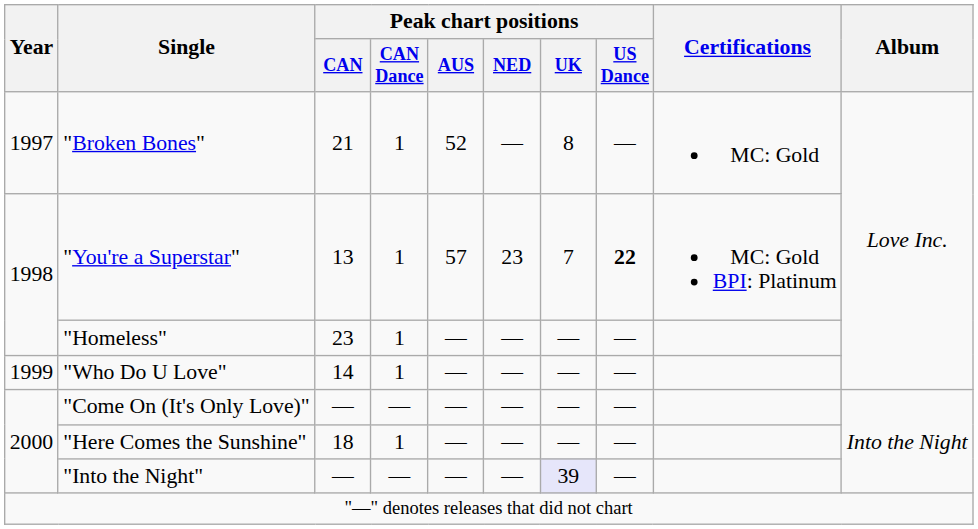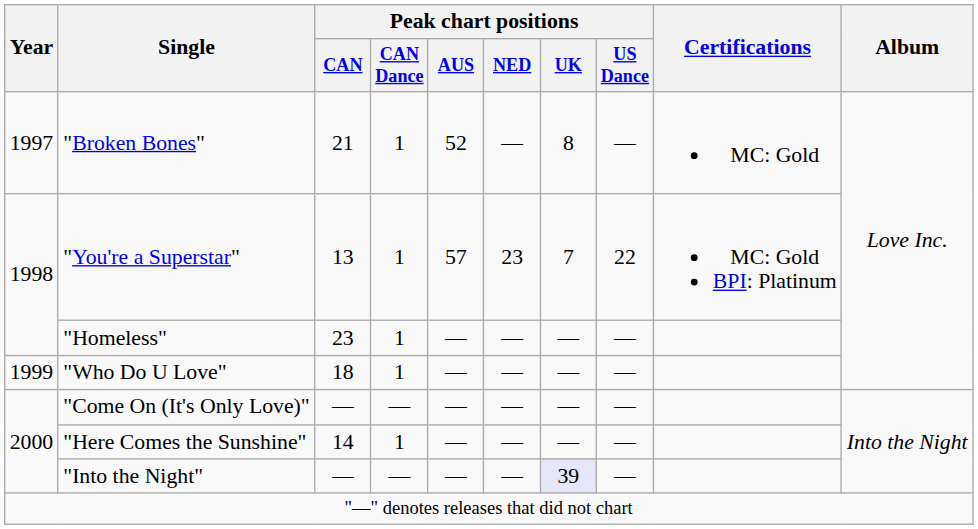 <table class="wikitable" style="text-align:center;">
 <tr>
 <th rowspan="2">Year</th>
 <th rowspan="2">Single</th>
 <th colspan="6">Peak chart positions</th>
 <th rowspan="2"><a href='#'>Certifications</a></th>
 <th rowspan="2">Album</th>
 </tr>
 <tr style="font-size:smaller;">
 <th width="35"><a href='#'>CAN</a><br></th>
 <th width="35"><a href='#'>CAN<br>Dance</a><br></th>
 <th width="35"><a href='#'>AUS</a><br></th>
 <th width="35"><a href='#'>NED</a><br></th>
 <th width="35"><a href='#'>UK</a><br></th>
 <th width="35"><a href='#'>US<br>Dance</a><br></th>
 </tr>
 <tr>
 <td>1997</td>
 <td align="left">"<a href='#'>Broken Bones</a>"</td>
 <td>21</td>
 <td>1</td>
 <td>52</td>
 <td>—</td>
 <td>8</td>
 <td>—</td>
 <td><br><ul><li>MC: Gold</li></ul></td>
 <td rowspan="4"><em>Love Inc.</em></td>
 </tr>
 <tr>
 <td rowspan=2>1998</td>
 <td align="left">"<a href='#'>You're a Superstar</a>"</td>
 <td>13</td>
 <td>1</td>
 <td>57</td>
 <td>23</td>
 <td>7</td>
-<td><strong>22</strong></td>
+<td>22</td>
 <td><br><ul><li>MC: Gold</li><li><a href='#'>BPI</a>: Platinum</li></ul></td>
 </tr>
 <tr>
 <td align="left">"Homeless"</td>
 <td>23</td>
 <td>1</td>
 <td>—</td>
 <td>—</td>
 <td>—</td>
 <td>—</td>
 <td></td>
 </tr>
 <tr>
 <td>1999</td>
 <td align="left">"Who Do U Love"</td>
-<td>14</td>
+<td>18</td>
 <td>1</td>
 <td>—</td>
 <td>—</td>
 <td>—</td>
 <td>—</td>
 <td></td>
 </tr>
 <tr>
 <td rowspan=3>2000</td>
 <td align="left">"Come On (It's Only Love)"</td>
 <td>—</td>
 <td>—</td>
 <td>—</td>
 <td>—</td>
 <td>—</td>
 <td>—</td>
 <td></td>
 <td rowspan="3"><em>Into the Night</em></td>
 </tr>
 <tr>
 <td align="left">"Here Comes the Sunshine"</td>
-<td>18</td>
+<td>14</td>
 <td>1</td>
 <td>—</td>
 <td>—</td>
 <td>—</td>
 <td>—</td>
 <td></td>
 </tr>
 <tr>
 <td align="left">"Into the Night"</td>
 <td>—</td>
 <td>—</td>
 <td>—</td>
 <td>—</td>
 <td style="background: lavender;">39</td>
 <td>—</td>
 <td></td>
 </tr>
 <tr>
 <td colspan="15" style="font-size:85%">"—" denotes releases that did not chart</td>
 </tr>
 </table>
